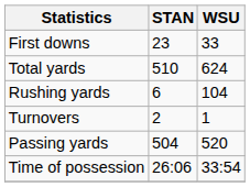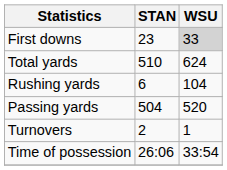 <table class="wikitable" style="float: left;">
 <tr>
 <th>Statistics</th>
 <th>STAN</th>
 <th>WSU</th>
 </tr>
 <tr>
 <td>First downs</td>
 <td>23</td>
-<td>33</td>
+<td style="background: lightgrey;">33</td>
 </tr>
 <tr>
 <td>Total yards</td>
 <td>510</td>
 <td>624</td>
 </tr>
 <tr>
 <td>Rushing yards</td>
 <td>6</td>
 <td>104</td>
 </tr>
 <tr>
+<td>Passing yards</td>
+<td>504</td>
+<td>520</td>
+</tr>
+<tr>
 <td>Turnovers</td>
 <td>2</td>
 <td>1</td>
-</tr>
-<tr>
-<td>Passing yards</td>
-<td>504</td>
-<td>520</td>
 </tr>
 <tr>
 <td>Time of possession</td>
 <td>26:06</td>
 <td>33:54</td>
 </tr>
 <tr>
 </tr>
 </table>
